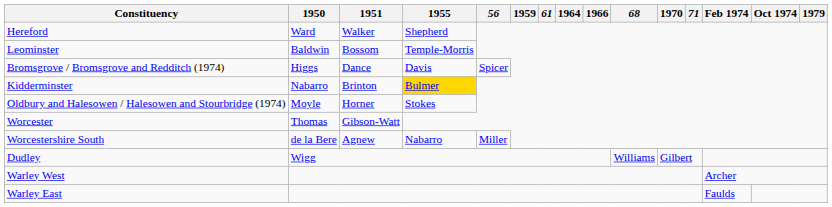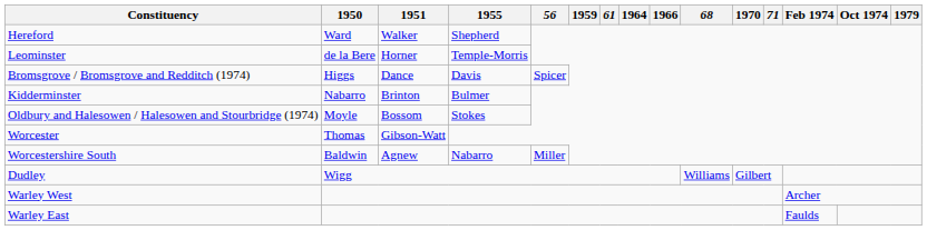 <table class="wikitable">
 <tr>
 <th>Constituency</th>
 <th>1950</th>
 <th>1951</th>
 <th>1955</th>
 <th><em>56</em></th>
 <th>1959</th>
 <th><em>61</em></th>
 <th>1964</th>
 <th>1966</th>
 <th><em>68</em></th>
 <th>1970</th>
 <th><em>71</em></th>
 <th>Feb 1974</th>
 <th>Oct 1974</th>
 <th>1979</th>
 </tr>
 <tr>
 <td><a href='#'>Hereford</a></td>
 <td><a href='#'>Ward</a></td>
 <td><a href='#'>Walker</a></td>
 <td><a href='#'>Shepherd</a></td>
 </tr>
 <tr>
 <td><a href='#'>Leominster</a></td>
-<td><a href='#'>Baldwin</a></td>
-<td><a href='#'>Bossom</a></td>
+<td><a href='#'>de la Bere</a></td>
+<td><a href='#'>Horner</a></td>
 <td><a href='#'>Temple-Morris</a></td>
 </tr>
 <tr>
 <td><a href='#'>Bromsgrove</a> / <a href='#'>Bromsgrove and Redditch</a> (1974)</td>
 <td><a href='#'>Higgs</a></td>
 <td><a href='#'>Dance</a></td>
 <td><a href='#'>Davis</a></td>
 <td><a href='#'>Spicer</a></td>
 </tr>
 <tr>
 <td><a href='#'>Kidderminster</a></td>
 <td><a href='#'>Nabarro</a></td>
 <td><a href='#'>Brinton</a></td>
-<td style="background: gold;"><a href='#'>Bulmer</a></td>
+<td><a href='#'>Bulmer</a></td>
 </tr>
 <tr>
 <td><a href='#'>Oldbury and Halesowen</a> / <a href='#'>Halesowen and Stourbridge</a> (1974)</td>
 <td><a href='#'>Moyle</a></td>
-<td><a href='#'>Horner</a></td>
+<td><a href='#'>Bossom</a></td>
 <td><a href='#'>Stokes</a></td>
 </tr>
 <tr>
 <td><a href='#'>Worcester</a></td>
 <td><a href='#'>Thomas</a></td>
 <td><a href='#'>Gibson-Watt</a></td>
 </tr>
 <tr>
 <td><a href='#'>Worcestershire South</a></td>
-<td><a href='#'>de la Bere</a></td>
+<td><a href='#'>Baldwin</a></td>
 <td><a href='#'>Agnew</a></td>
 <td><a href='#'>Nabarro</a></td>
 <td><a href='#'>Miller</a></td>
 </tr>
 <tr>
 <td><a href='#'>Dudley</a></td>
 <td colspan="8"><a href='#'>Wigg</a></td>
 <td><a href='#'>Williams</a></td>
 <td colspan="2"><a href='#'>Gilbert</a></td>
 <td colspan="3"></td>
 </tr>
 <tr>
 <td><a href='#'>Warley West</a></td>
 <td colspan="11"></td>
 <td colspan="3"><a href='#'>Archer</a></td>
 </tr>
 <tr>
 <td><a href='#'>Warley East</a></td>
 <td colspan="11"></td>
 <td><a href='#'>Faulds</a></td>
 </tr>
 </table>
